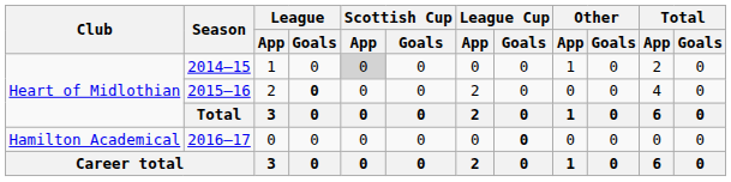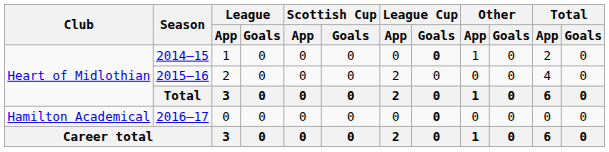 <table class="wikitable" style="text-align: center;">
 <tr>
 <th rowspan=2>Club</th>
 <th rowspan=2>Season</th>
 <th colspan=2>League</th>
 <th colspan=2>Scottish Cup</th>
 <th colspan=2>League Cup</th>
 <th colspan=2>Other</th>
 <th colspan=2>Total</th>
 </tr>
 <tr>
 <th>App</th>
 <th>Goals</th>
 <th>App</th>
 <th>Goals</th>
 <th>App</th>
 <th>Goals</th>
 <th>App</th>
 <th>Goals</th>
 <th>App</th>
 <th>Goals</th>
 </tr>
 <tr>
 <td rowspan=3><a href='#'>Heart of Midlothian</a></td>
 <td><a href='#'>2014–15</a></td>
 <td>1</td>
 <td>0</td>
-<td style="background: lightgrey;">0</td>
 <td>0</td>
 <td>0</td>
 <td>0</td>
+<td><strong>0</strong></td>
 <td>1</td>
 <td>0</td>
 <td>2</td>
 <td>0</td>
 </tr>
 <tr>
 <td><a href='#'>2015–16</a></td>
 <td>2</td>
-<td><strong>0</strong></td>
+<td>0</td>
 <td>0</td>
 <td>0</td>
 <td>2</td>
 <td>0</td>
 <td>0</td>
 <td>0</td>
 <td>4</td>
 <td>0</td>
 </tr>
 <tr>
 <th>Total</th>
 <th>3</th>
 <th>0</th>
 <th>0</th>
 <th>0</th>
 <th>2</th>
 <th>0</th>
 <th>1</th>
 <th>0</th>
 <th>6</th>
 <th>0</th>
 </tr>
 <tr>
 <td><a href='#'>Hamilton Academical</a></td>
 <td><a href='#'>2016–17</a></td>
 <td>0</td>
 <td>0</td>
 <td>0</td>
 <td>0</td>
 <td>0</td>
 <td><strong>0</strong></td>
 <td>0</td>
 <td>0</td>
 <td>0</td>
 <td>0</td>
 </tr>
 <tr>
 <th colspan="2">Career total</th>
 <th>3</th>
 <th>0</th>
 <th>0</th>
 <th>0</th>
 <th>2</th>
 <th>0</th>
 <th>1</th>
 <th>0</th>
 <th>6</th>
 <th>0</th>
 </tr>
 </table>
